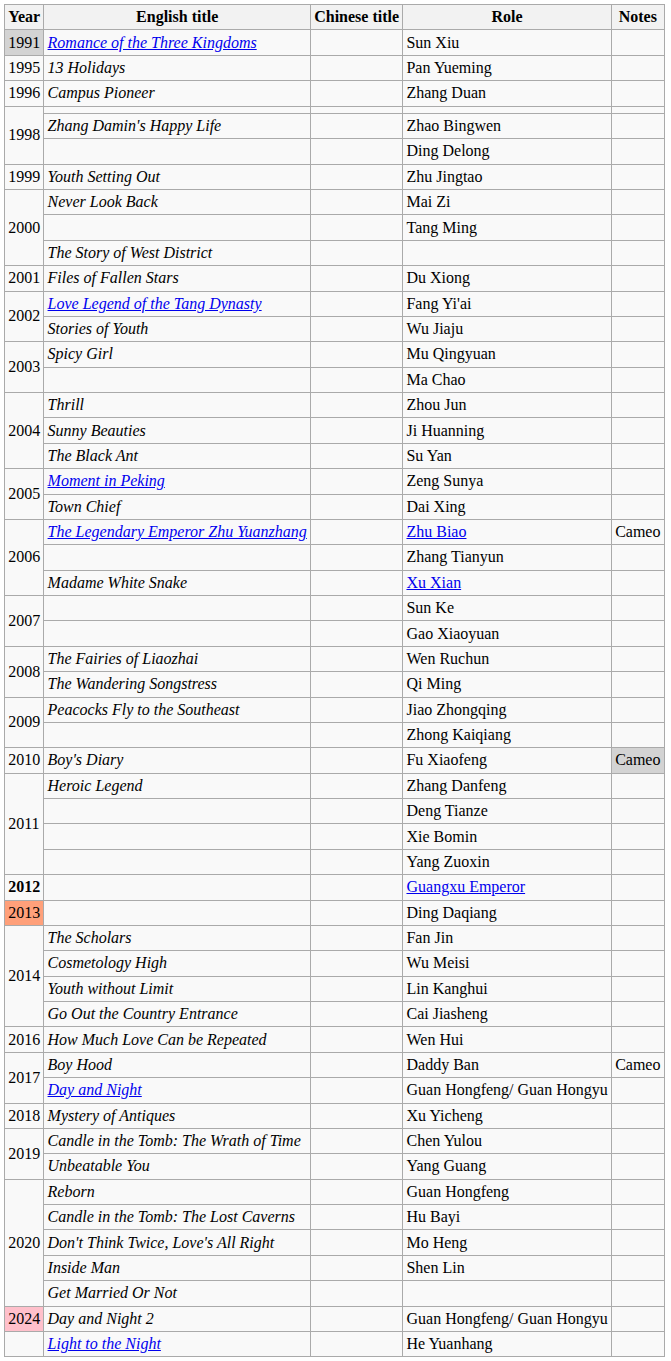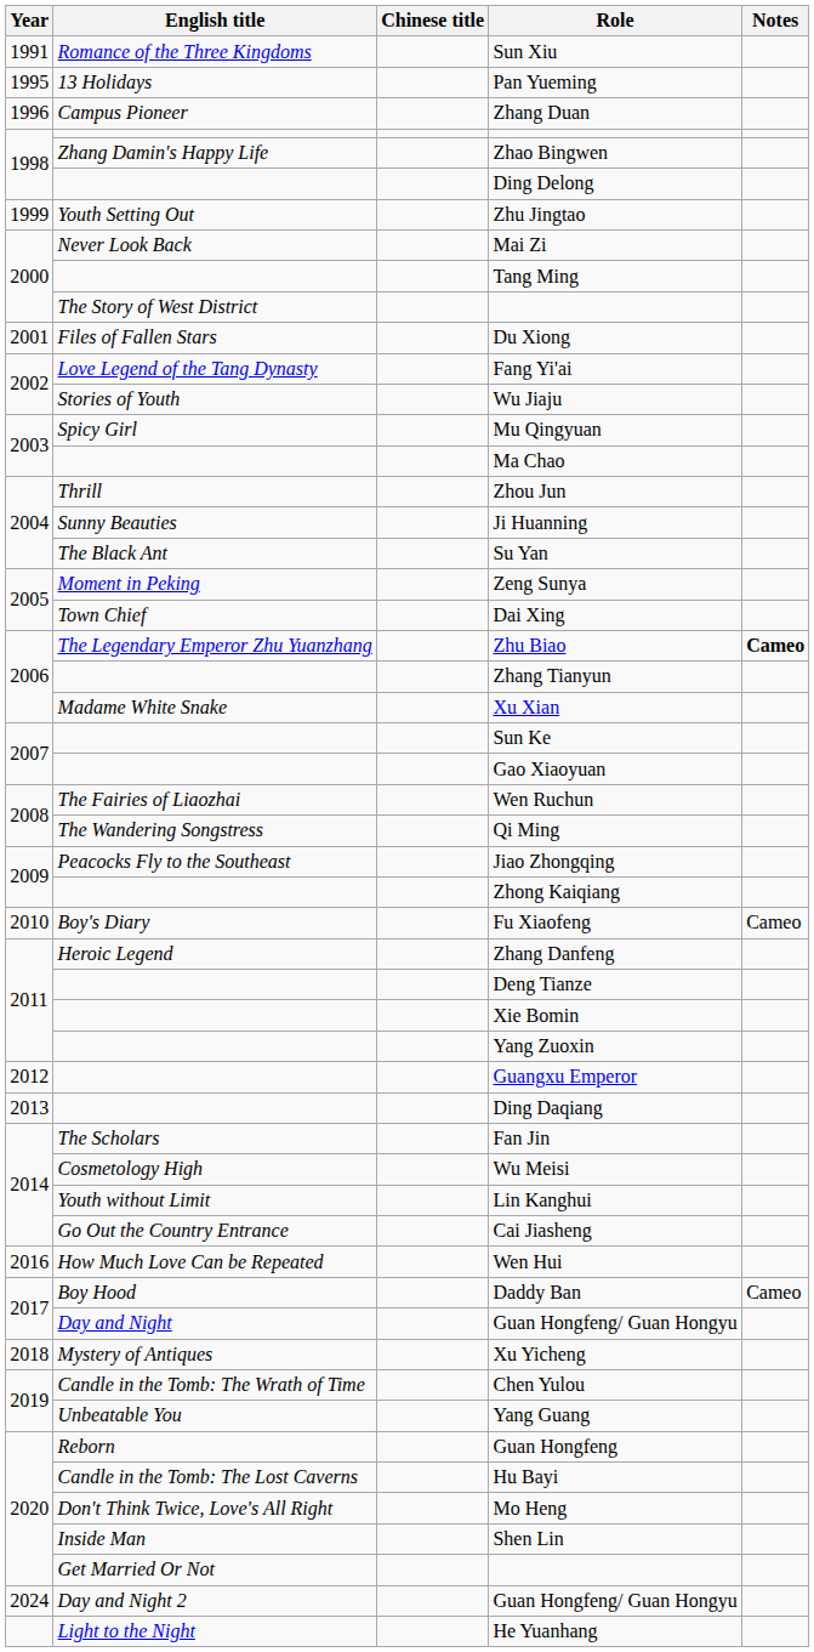 <table class="wikitable">
 <tr>
 <th>Year</th>
 <th>English title</th>
 <th>Chinese title</th>
 <th>Role</th>
 <th>Notes</th>
 </tr>
 <tr>
-<td style="background: lightgrey;">1991</td>
+<td>1991</td>
 <td><em><a href='#'>Romance of the Three Kingdoms</a></em></td>
 <td></td>
 <td>Sun Xiu</td>
 <td></td>
 </tr>
 <tr>
 <td>1995</td>
 <td><em>13 Holidays</em></td>
 <td></td>
 <td>Pan Yueming</td>
 <td></td>
 </tr>
 <tr>
 <td>1996</td>
 <td><em>Campus Pioneer</em></td>
 <td></td>
 <td>Zhang Duan</td>
 <td></td>
 </tr>
 <tr>
 <td rowspan="3">1998</td>
 <td></td>
 <td></td>
 <td></td>
 <td></td>
 </tr>
 <tr>
 <td><em>Zhang Damin's Happy Life</em></td>
 <td></td>
 <td>Zhao Bingwen</td>
 <td></td>
 </tr>
 <tr>
 <td></td>
 <td></td>
 <td>Ding Delong</td>
 <td></td>
 </tr>
 <tr>
 <td>1999</td>
 <td><em>Youth Setting Out</em></td>
 <td></td>
 <td>Zhu Jingtao</td>
 <td></td>
 </tr>
 <tr>
 <td rowspan="3">2000</td>
 <td><em>Never Look Back</em></td>
 <td></td>
 <td>Mai Zi</td>
 <td></td>
 </tr>
 <tr>
 <td></td>
 <td></td>
 <td>Tang Ming</td>
 <td></td>
 </tr>
 <tr>
 <td><em>The Story of West District</em></td>
 <td></td>
 <td></td>
 <td></td>
 </tr>
 <tr>
 <td>2001</td>
 <td><em>Files of Fallen Stars</em></td>
 <td></td>
 <td>Du Xiong</td>
 <td></td>
 </tr>
 <tr>
 <td rowspan=2>2002</td>
 <td><em><a href='#'>Love Legend of the Tang Dynasty</a></em></td>
 <td></td>
 <td>Fang Yi'ai</td>
 <td></td>
 </tr>
 <tr>
 <td><em>Stories of Youth</em></td>
 <td></td>
 <td>Wu Jiaju</td>
 <td></td>
 </tr>
 <tr>
 <td rowspan="2">2003</td>
 <td><em>Spicy Girl</em></td>
 <td></td>
 <td>Mu Qingyuan</td>
 <td></td>
 </tr>
 <tr>
 <td></td>
 <td></td>
 <td>Ma Chao</td>
 <td></td>
 </tr>
 <tr>
 <td rowspan=3>2004</td>
 <td><em>Thrill</em></td>
 <td></td>
 <td>Zhou Jun</td>
 <td></td>
 </tr>
 <tr>
 <td><em>Sunny Beauties</em></td>
 <td></td>
 <td>Ji Huanning</td>
 <td></td>
 </tr>
 <tr>
 <td><em>The Black Ant</em></td>
 <td></td>
 <td>Su Yan</td>
 <td></td>
 </tr>
 <tr>
 <td rowspan="2">2005</td>
 <td><em><a href='#'>Moment in Peking</a></em></td>
 <td></td>
 <td>Zeng Sunya</td>
 <td></td>
 </tr>
 <tr>
 <td><em>Town Chief</em></td>
 <td></td>
 <td>Dai Xing</td>
 <td></td>
 </tr>
 <tr>
 <td rowspan="3">2006</td>
 <td><em><a href='#'>The Legendary Emperor Zhu Yuanzhang</a></em></td>
 <td></td>
 <td><a href='#'>Zhu Biao</a></td>
-<td>Cameo</td>
+<td><strong>Cameo</strong></td>
 </tr>
 <tr>
 <td></td>
 <td></td>
 <td>Zhang Tianyun</td>
 <td></td>
 </tr>
 <tr>
 <td><em>Madame White Snake</em></td>
 <td></td>
 <td><a href='#'>Xu Xian</a></td>
 <td></td>
 </tr>
 <tr>
 <td rowspan=2>2007</td>
 <td></td>
 <td></td>
 <td>Sun Ke</td>
 <td></td>
 </tr>
 <tr>
 <td></td>
 <td></td>
 <td>Gao Xiaoyuan</td>
 <td></td>
 </tr>
 <tr>
 <td rowspan="2">2008</td>
 <td><em>The Fairies of Liaozhai</em></td>
 <td></td>
 <td>Wen Ruchun</td>
 <td></td>
 </tr>
 <tr>
 <td><em>The Wandering Songstress</em></td>
 <td></td>
 <td>Qi Ming</td>
 <td></td>
 </tr>
 <tr>
 <td rowspan="2">2009</td>
 <td><em>Peacocks Fly to the Southeast</em></td>
 <td></td>
 <td>Jiao Zhongqing</td>
 <td></td>
 </tr>
 <tr>
 <td></td>
 <td></td>
 <td>Zhong Kaiqiang</td>
 <td></td>
 </tr>
 <tr>
 <td rowspan="1">2010</td>
 <td><em>Boy's Diary</em></td>
 <td></td>
 <td>Fu Xiaofeng</td>
-<td style="background: lightgrey;">Cameo</td>
+<td>Cameo</td>
 </tr>
 <tr>
 <td rowspan="4">2011</td>
 <td><em>Heroic Legend</em></td>
 <td></td>
 <td>Zhang Danfeng</td>
 <td></td>
 </tr>
 <tr>
 <td></td>
 <td></td>
 <td>Deng Tianze</td>
 <td></td>
 </tr>
 <tr>
 <td></td>
 <td></td>
 <td>Xie Bomin</td>
 <td></td>
 </tr>
 <tr>
 <td></td>
 <td></td>
 <td>Yang Zuoxin</td>
 <td></td>
 </tr>
 <tr>
-<td><strong>2012</strong></td>
+<td>2012</td>
 <td></td>
 <td></td>
 <td><a href='#'>Guangxu Emperor</a></td>
 <td></td>
 </tr>
 <tr>
-<td rowspan="1" style="background: lightsalmon;">2013</td>
+<td rowspan="1">2013</td>
 <td></td>
 <td></td>
 <td>Ding Daqiang</td>
 <td></td>
 </tr>
 <tr>
 <td rowspan=4>2014</td>
 <td><em>The Scholars</em></td>
 <td></td>
 <td>Fan Jin</td>
 <td></td>
 </tr>
 <tr>
 <td><em>Cosmetology High </em></td>
 <td></td>
 <td>Wu Meisi</td>
 <td></td>
 </tr>
 <tr>
 <td><em>Youth without Limit</em></td>
 <td></td>
 <td>Lin Kanghui</td>
 <td></td>
 </tr>
 <tr>
 <td><em>Go Out the Country Entrance</em></td>
 <td></td>
 <td>Cai Jiasheng</td>
 <td></td>
 </tr>
 <tr>
 <td>2016</td>
 <td><em>How Much Love Can be Repeated</em></td>
 <td></td>
 <td>Wen Hui</td>
 <td></td>
 </tr>
 <tr>
 <td rowspan=2>2017</td>
 <td><em>Boy Hood</em></td>
 <td></td>
 <td>Daddy Ban</td>
 <td>Cameo </td>
 </tr>
 <tr>
 <td><em><a href='#'>Day and Night</a></em></td>
 <td></td>
 <td>Guan Hongfeng/ Guan Hongyu</td>
 <td></td>
 </tr>
 <tr>
 <td>2018</td>
 <td><em>Mystery of Antiques</em></td>
 <td></td>
 <td>Xu Yicheng</td>
 <td></td>
 </tr>
 <tr>
 <td rowspan=2>2019</td>
 <td><em>Candle in the Tomb: The Wrath of Time</em></td>
 <td></td>
 <td>Chen Yulou</td>
 <td></td>
 </tr>
 <tr>
 <td><em>Unbeatable You</em></td>
 <td></td>
 <td>Yang Guang</td>
 <td></td>
 </tr>
 <tr>
 <td rowspan=5>2020</td>
 <td><em>Reborn</em></td>
 <td></td>
 <td>Guan Hongfeng</td>
 <td></td>
 </tr>
 <tr>
 <td><em>Candle in the Tomb: The Lost Caverns </em></td>
 <td></td>
 <td>Hu Bayi</td>
 <td></td>
 </tr>
 <tr>
 <td><em>Don't Think Twice, Love's All Right </em></td>
 <td></td>
 <td>Mo Heng</td>
 <td></td>
 </tr>
 <tr>
 <td><em>Inside Man </em></td>
 <td></td>
 <td>Shen Lin</td>
 <td></td>
 </tr>
 <tr>
 <td><em>Get Married Or Not</em></td>
 <td></td>
 <td></td>
 <td></td>
 </tr>
 <tr>
-<td style="background: pink;">2024</td>
+<td>2024</td>
 <td><em>Day and Night 2</em></td>
 <td></td>
 <td>Guan Hongfeng/ Guan Hongyu</td>
 <td></td>
 </tr>
 <tr>
 <td></td>
 <td><em><a href='#'>Light to the Night</a></em></td>
 <td></td>
 <td>He Yuanhang</td>
 <td></td>
 </tr>
 </table>
